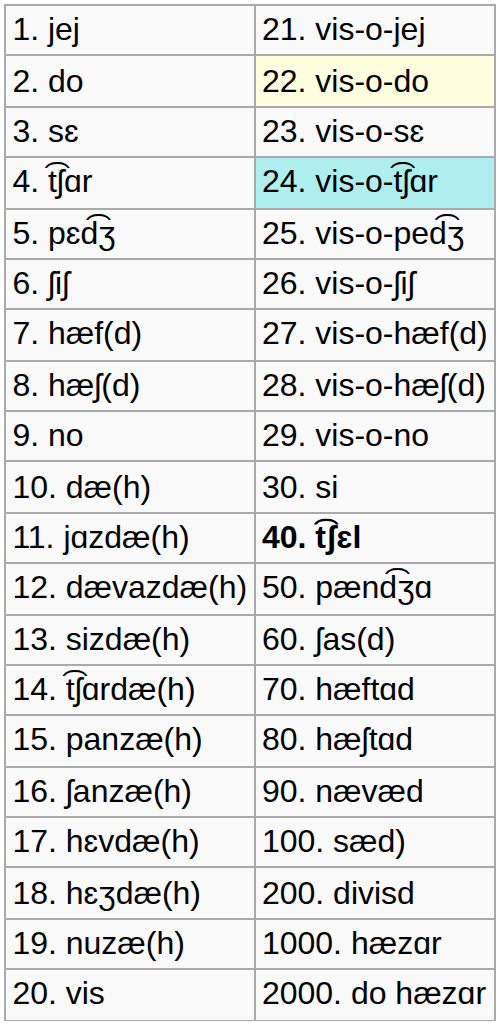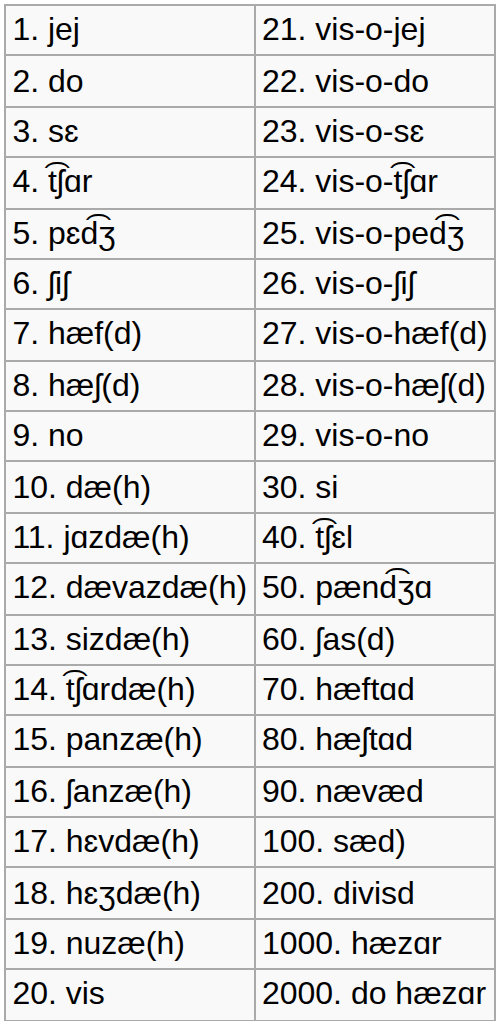 <table class="wikitable">
 <tr>
 <td>1. jej</td>
 <td>21.  vis-o-jej</td>
 </tr>
 <tr>
 <td>2. do</td>
-<td style="background: lightyellow;">22.  vis-o-do</td>
+<td>22.  vis-o-do</td>
 </tr>
 <tr>
 <td>3. sɛ</td>
 <td>23.  vis-o-sɛ</td>
 </tr>
 <tr>
 <td>4. t͡ʃɑr</td>
-<td style="background: paleturquoise;">24.  vis-o-t͡ʃɑr</td>
+<td>24.  vis-o-t͡ʃɑr</td>
 </tr>
 <tr>
 <td>5. pɛd͡ʒ</td>
 <td>25.  vis-o-ped͡ʒ</td>
 </tr>
 <tr>
 <td>6. ʃiʃ</td>
 <td>26.  vis-o-ʃiʃ</td>
 </tr>
 <tr>
 <td>7. hæf(d)</td>
 <td>27.  vis-o-hæf(d)</td>
 </tr>
 <tr>
 <td>8. hæʃ(d)</td>
 <td>28.  vis-o-hæʃ(d)</td>
 </tr>
 <tr>
 <td>9. no</td>
 <td>29.  vis-o-no</td>
 </tr>
 <tr>
 <td>10. dæ(h)</td>
 <td>30.  si</td>
 </tr>
 <tr>
 <td>11. jɑzdæ(h)</td>
-<td><strong>40.  t͡ʃɛl</strong></td>
+<td>40.  t͡ʃɛl</td>
 </tr>
 <tr>
 <td>12. dævazdæ(h)</td>
 <td>50.  pænd͡ʒɑ</td>
 </tr>
 <tr>
 <td>13. sizdæ(h)</td>
 <td>60.  ʃas(d)</td>
 </tr>
 <tr>
 <td>14. t͡ʃɑrdæ(h)</td>
 <td>70.  hæftɑd</td>
 </tr>
 <tr>
 <td>15. panzæ(h)</td>
 <td>80.  hæʃtɑd</td>
 </tr>
 <tr>
 <td>16. ʃanzæ(h)</td>
 <td>90.  nævæd</td>
 </tr>
 <tr>
 <td>17. hɛvdæ(h)</td>
 <td>100. sæd)</td>
 </tr>
 <tr>
 <td>18. hɛʒdæ(h)</td>
 <td>200. divisd</td>
 </tr>
 <tr>
 <td>19. nuzæ(h)</td>
 <td>1000. hæzɑr</td>
 </tr>
 <tr>
 <td>20. vis</td>
 <td>2000. do hæzɑr</td>
 </tr>
 </table>
